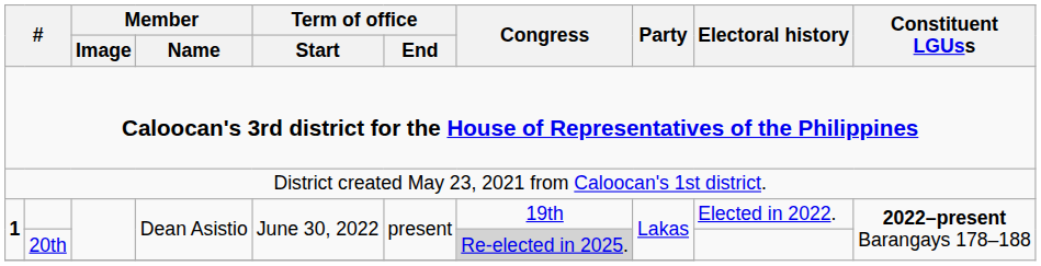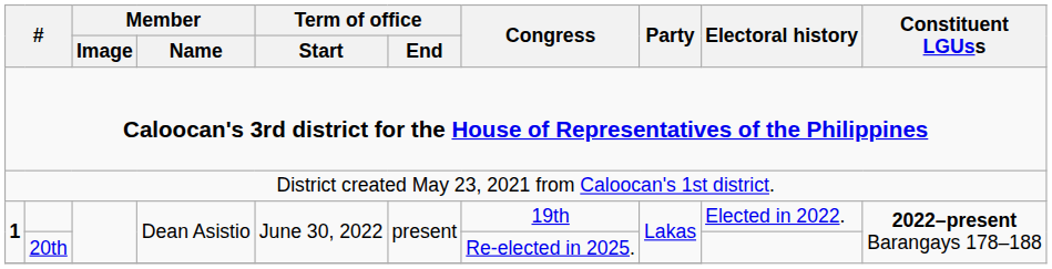 <table class=wikitable>
 <tr>
 <th rowspan="2" colspan="2">#</th>
 <th colspan="2">Member</th>
 <th colspan="2">Term of office</th>
 <th rowspan="2">Congress</th>
 <th rowspan="2">Party</th>
 <th rowspan="2">Electoral history</th>
 <th rowspan="2">Constituent<br><a href='#'>LGUs</a>s</th>
 </tr>
 <tr>
 <th>Image</th>
 <th>Name</th>
 <th>Start</th>
 <th>End</th>
 </tr>
 <tr>
 <td colspan="10" style="text-align:center;"><br><h3>Caloocan's 3rd district for the <a href='#'>House of Representatives of the Philippines</a></h3></td>
 </tr>
 <tr>
 <td colspan="10" style="text-align:center;">District created May 23, 2021 from <a href='#'>Caloocan's 1st district</a>.</td>
 </tr>
 <tr>
 <td style="text-align:center;" rowspan="2"><strong>1</strong></td>
 <td style="color:inherit;background:"></td>
 <td rowspan="2"></td>
 <td rowspan="2">Dean Asistio</td>
 <td rowspan="2">June 30, 2022</td>
 <td rowspan="2">present</td>
 <td style="text-align:center;"><a href='#'>19th</a></td>
 <td rowspan="2"><a href='#'>Lakas</a></td>
 <td><a href='#'>Elected in 2022</a>.</td>
 <td rowspan="12" style="text-align:center;"><strong>2022–present</strong><br>Barangays 178–188</td>
 </tr>
 <tr>
 <td style="text-align:center;"><a href='#'>20th</a></td>
-<td style="background: lightgrey;"><a href='#'>Re-elected in 2025</a>.</td>
+<td><a href='#'>Re-elected in 2025</a>.</td>
 </tr>
 <tr>
 </tr>
 </table>
